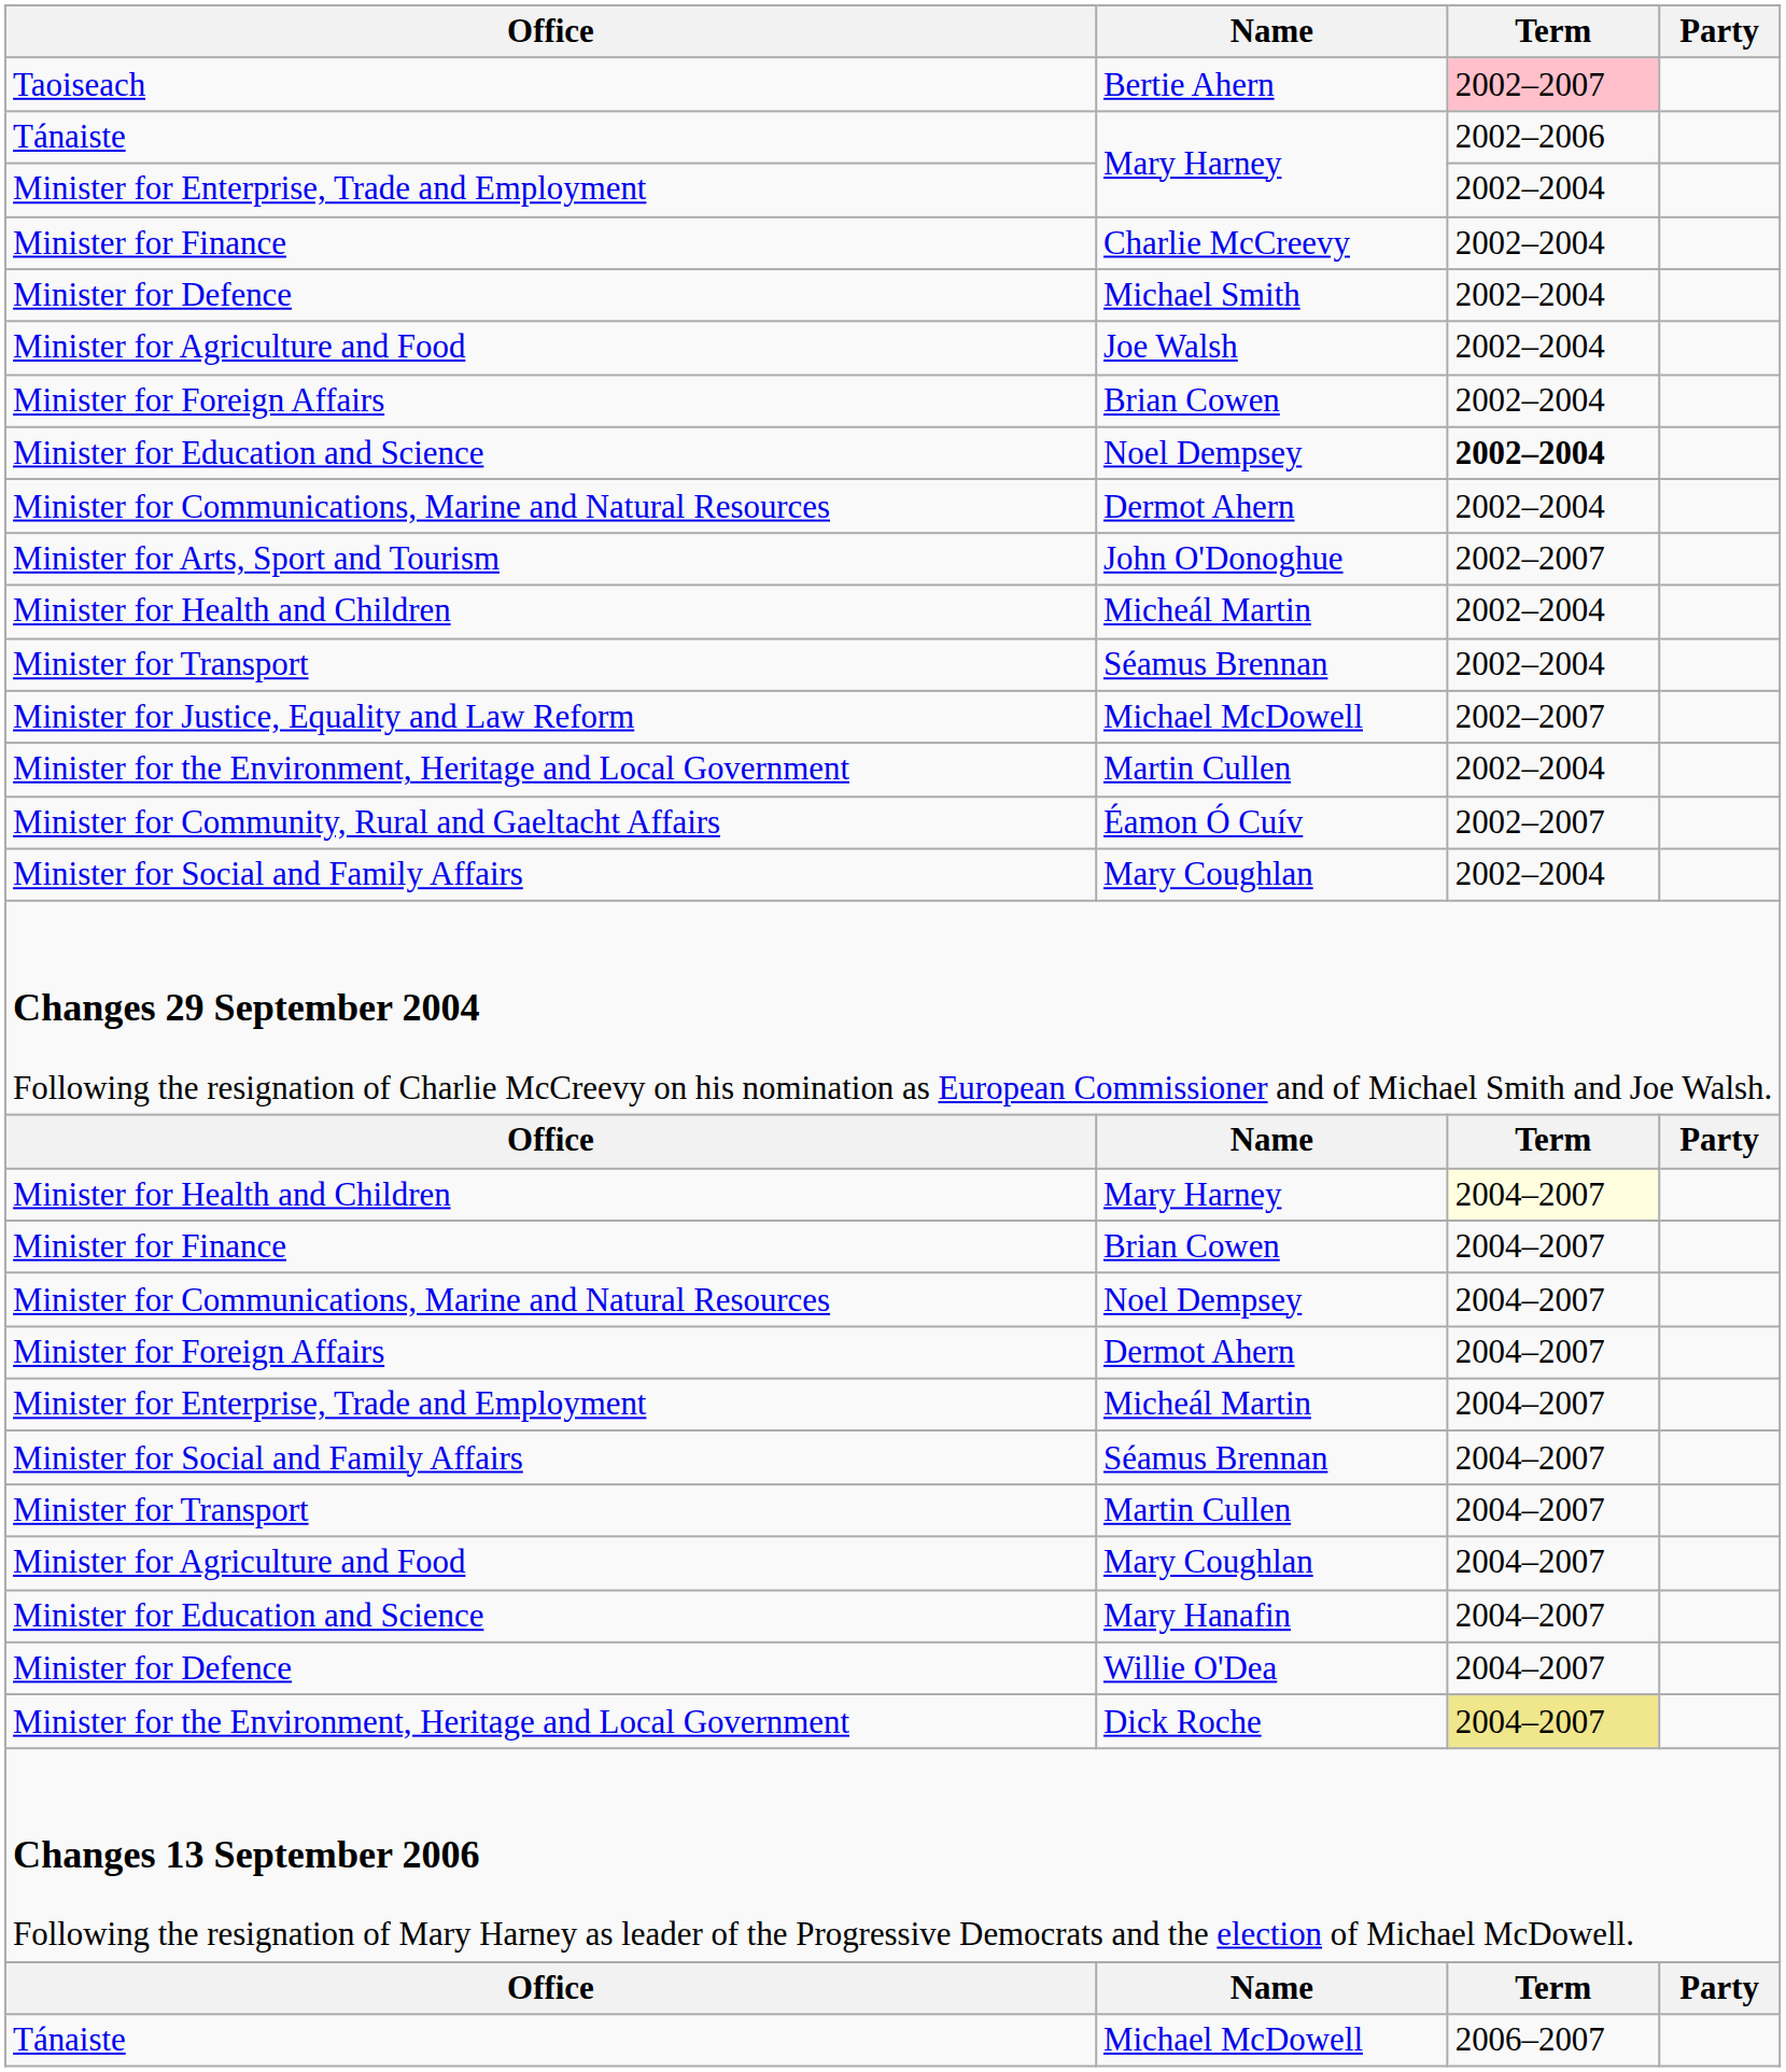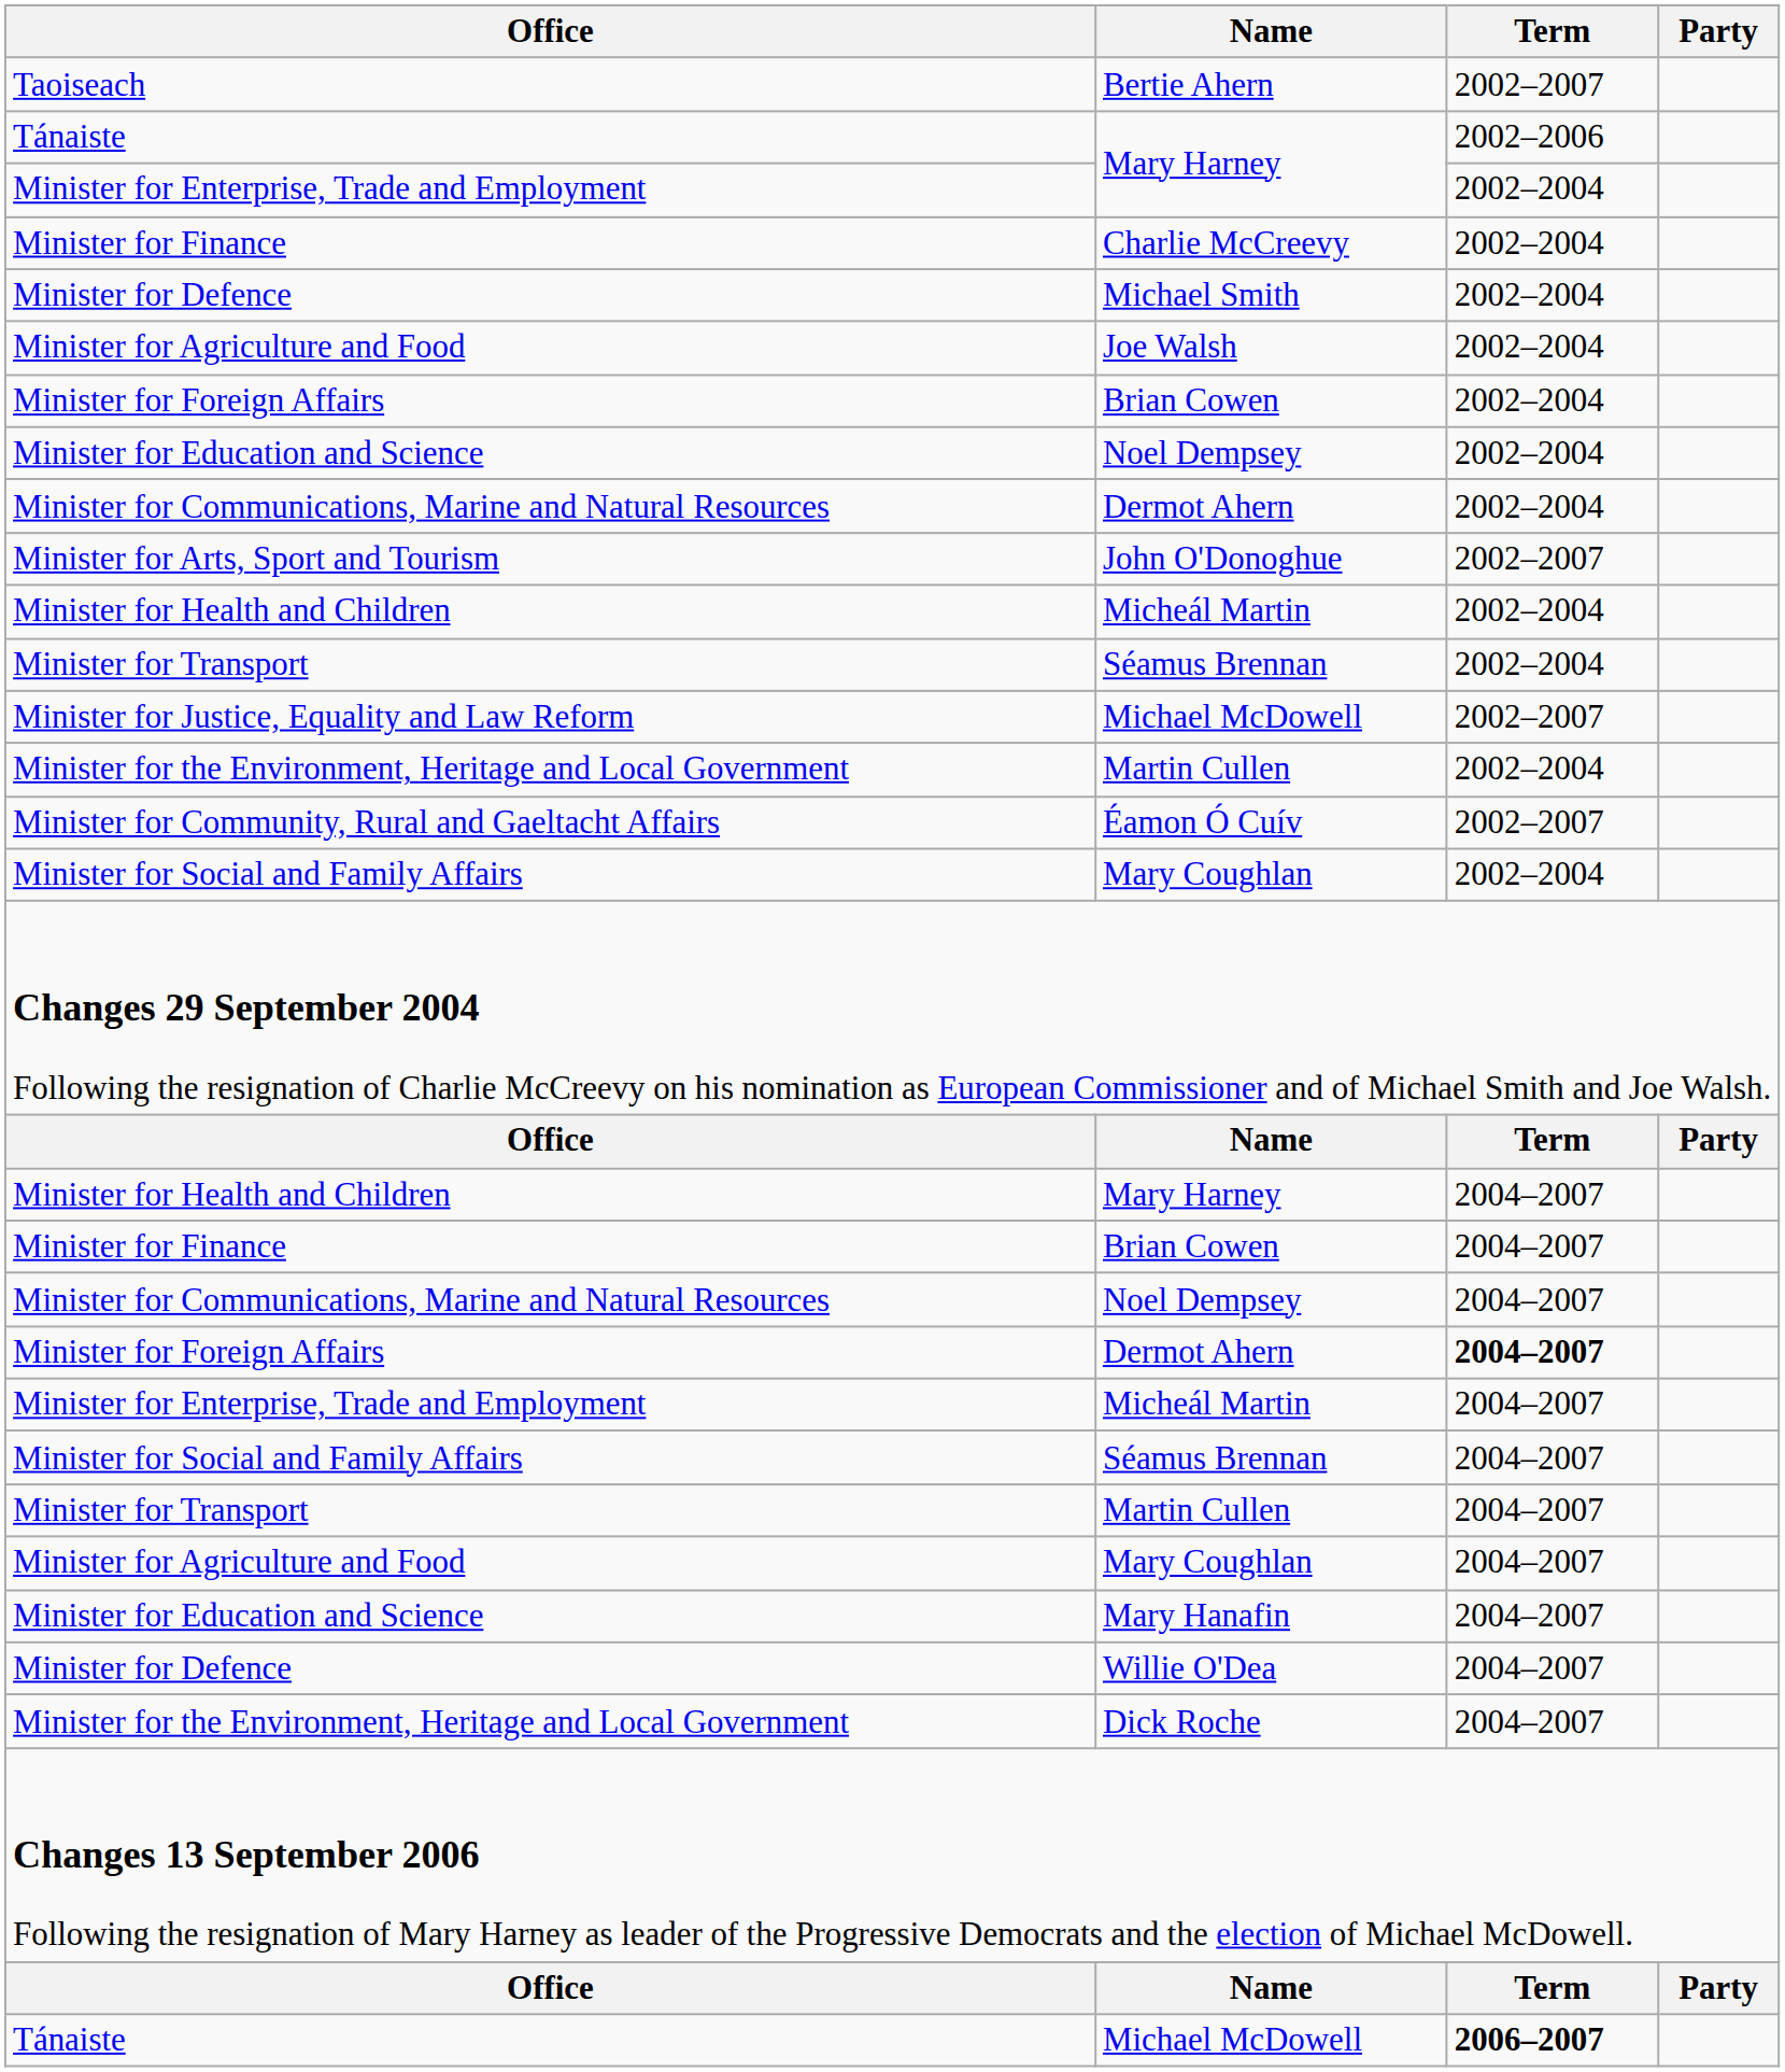 <table class="wikitable">
 <tr>
 <th>Office</th>
 <th>Name</th>
 <th>Term</th>
 <th colspan="2">Party</th>
 </tr>
 <tr>
 <td><a href='#'>Taoiseach</a></td>
 <td><a href='#'>Bertie Ahern</a></td>
-<td style="background: pink;">2002–2007</td>
+<td>2002–2007</td>
 <td></td>
 </tr>
 <tr>
 <td><a href='#'>Tánaiste</a></td>
 <td rowspan=2><a href='#'>Mary Harney</a></td>
 <td>2002–2006</td>
 <td></td>
 </tr>
 <tr>
 <td><a href='#'>Minister for Enterprise, Trade and Employment</a></td>
 <td>2002–2004</td>
 </tr>
 <tr>
 <td><a href='#'>Minister for Finance</a></td>
 <td><a href='#'>Charlie McCreevy</a></td>
 <td>2002–2004</td>
 <td></td>
 </tr>
 <tr>
 <td><a href='#'>Minister for Defence</a></td>
 <td><a href='#'>Michael Smith</a></td>
 <td>2002–2004</td>
 <td></td>
 </tr>
 <tr>
 <td><a href='#'>Minister for Agriculture and Food</a></td>
 <td><a href='#'>Joe Walsh</a></td>
 <td>2002–2004</td>
 <td></td>
 </tr>
 <tr>
 <td><a href='#'>Minister for Foreign Affairs</a></td>
 <td><a href='#'>Brian Cowen</a></td>
 <td>2002–2004</td>
 <td></td>
 </tr>
 <tr>
 <td><a href='#'>Minister for Education and Science</a></td>
 <td><a href='#'>Noel Dempsey</a></td>
-<td><strong>2002–2004</strong></td>
+<td>2002–2004</td>
 <td></td>
 </tr>
 <tr>
 <td><a href='#'>Minister for Communications, Marine and Natural Resources</a></td>
 <td><a href='#'>Dermot Ahern</a></td>
 <td>2002–2004</td>
 <td></td>
 </tr>
 <tr>
 <td><a href='#'>Minister for Arts, Sport and Tourism</a></td>
 <td><a href='#'>John O'Donoghue</a></td>
 <td>2002–2007</td>
 <td></td>
 </tr>
 <tr>
 <td><a href='#'>Minister for Health and Children</a></td>
 <td><a href='#'>Micheál Martin</a></td>
 <td>2002–2004</td>
 <td></td>
 </tr>
 <tr>
 <td><a href='#'>Minister for Transport</a></td>
 <td><a href='#'>Séamus Brennan</a></td>
 <td>2002–2004</td>
 <td></td>
 </tr>
 <tr>
 <td><a href='#'>Minister for Justice, Equality and Law Reform</a></td>
 <td><a href='#'>Michael McDowell</a></td>
 <td>2002–2007</td>
 <td></td>
 </tr>
 <tr>
 <td><a href='#'>Minister for the Environment, Heritage and Local Government</a></td>
 <td><a href='#'>Martin Cullen</a></td>
 <td>2002–2004</td>
 <td></td>
 </tr>
 <tr>
 <td><a href='#'>Minister for Community, Rural and Gaeltacht Affairs</a></td>
 <td><a href='#'>Éamon Ó Cuív</a></td>
 <td>2002–2007</td>
 <td></td>
 </tr>
 <tr>
 <td><a href='#'>Minister for Social and Family Affairs</a></td>
 <td><a href='#'>Mary Coughlan</a></td>
 <td>2002–2004</td>
 <td></td>
 </tr>
 <tr>
 <td colspan="5"><br><h3>Changes 29 September 2004</h3>Following the resignation of Charlie McCreevy on his nomination as <a href='#'>European Commissioner</a> and of Michael Smith and Joe Walsh.</td>
 </tr>
 <tr>
 <th>Office</th>
 <th>Name</th>
 <th>Term</th>
 <th colspan="2">Party</th>
 </tr>
 <tr>
 <td><a href='#'>Minister for Health and Children</a></td>
 <td><a href='#'>Mary Harney</a></td>
-<td style="background: lightyellow;">2004–2007</td>
+<td>2004–2007</td>
 <td></td>
 </tr>
 <tr>
 <td><a href='#'>Minister for Finance</a></td>
 <td><a href='#'>Brian Cowen</a></td>
 <td>2004–2007</td>
 <td></td>
 </tr>
 <tr>
 <td><a href='#'>Minister for Communications, Marine and Natural Resources</a></td>
 <td><a href='#'>Noel Dempsey</a></td>
 <td>2004–2007</td>
 <td></td>
 </tr>
 <tr>
 <td><a href='#'>Minister for Foreign Affairs</a></td>
 <td><a href='#'>Dermot Ahern</a></td>
-<td>2004–2007</td>
+<td><strong>2004–2007</strong></td>
 <td></td>
 </tr>
 <tr>
 <td><a href='#'>Minister for Enterprise, Trade and Employment</a></td>
 <td><a href='#'>Micheál Martin</a></td>
 <td>2004–2007</td>
 <td></td>
 </tr>
 <tr>
 <td><a href='#'>Minister for Social and Family Affairs</a></td>
 <td><a href='#'>Séamus Brennan</a></td>
 <td>2004–2007</td>
 <td></td>
 </tr>
 <tr>
 <td><a href='#'>Minister for Transport</a></td>
 <td><a href='#'>Martin Cullen</a></td>
 <td>2004–2007</td>
 <td></td>
 </tr>
 <tr>
 <td><a href='#'>Minister for Agriculture and Food</a></td>
 <td><a href='#'>Mary Coughlan</a></td>
 <td>2004–2007</td>
 <td></td>
 </tr>
 <tr>
 <td><a href='#'>Minister for Education and Science</a></td>
 <td><a href='#'>Mary Hanafin</a></td>
 <td>2004–2007</td>
 <td></td>
 </tr>
 <tr>
 <td><a href='#'>Minister for Defence</a></td>
 <td><a href='#'>Willie O'Dea</a></td>
 <td>2004–2007</td>
 <td></td>
 </tr>
 <tr>
 <td><a href='#'>Minister for the Environment, Heritage and Local Government</a></td>
 <td><a href='#'>Dick Roche</a></td>
-<td style="background: khaki;">2004–2007</td>
+<td>2004–2007</td>
 <td></td>
 </tr>
 <tr>
 <td colspan="5"><br><h3>Changes 13 September 2006</h3>Following the resignation of Mary Harney as leader of the Progressive Democrats and the <a href='#'>election</a> of Michael McDowell.</td>
 </tr>
 <tr>
 <th>Office</th>
 <th>Name</th>
 <th>Term</th>
 <th colspan="2">Party</th>
 </tr>
 <tr>
 <td><a href='#'>Tánaiste</a></td>
 <td><a href='#'>Michael McDowell</a></td>
-<td>2006–2007</td>
+<td><strong>2006–2007</strong></td>
 <td></td>
 </tr>
 </table>
